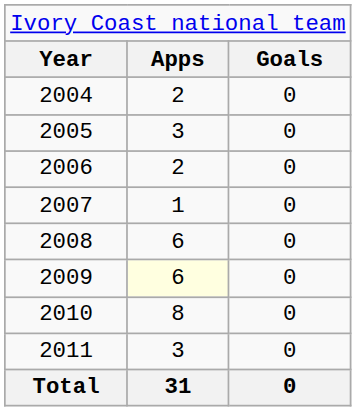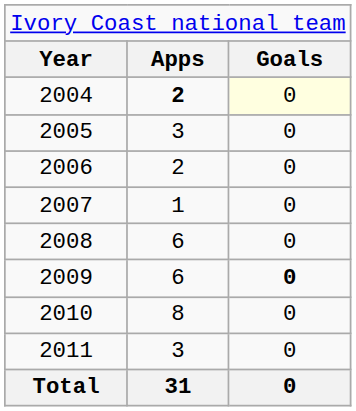 <table class="wikitable" style="text-align:center">
 <tr>
 <td colspan="3"><a href='#'>Ivory Coast national team</a></td>
 </tr>
 <tr>
 <th>Year</th>
 <th>Apps</th>
 <th>Goals</th>
 </tr>
 <tr>
 <td>2004</td>
-<td>2</td>
-<td>0</td>
+<td><strong>2</strong></td>
+<td style="background: lightyellow;">0</td>
 </tr>
 <tr>
 <td>2005</td>
 <td>3</td>
 <td>0</td>
 </tr>
 <tr>
 <td>2006</td>
 <td>2</td>
 <td>0</td>
 </tr>
 <tr>
 <td>2007</td>
 <td>1</td>
 <td>0</td>
 </tr>
 <tr>
 <td>2008</td>
 <td>6</td>
 <td>0</td>
 </tr>
 <tr>
 <td>2009</td>
-<td style="background: lightyellow;">6</td>
-<td>0</td>
+<td>6</td>
+<td><strong>0</strong></td>
 </tr>
 <tr>
 <td>2010</td>
 <td>8</td>
 <td>0</td>
 </tr>
 <tr>
 <td>2011</td>
 <td>3</td>
 <td>0</td>
 </tr>
 <tr>
 <th>Total</th>
 <th>31</th>
 <th>0</th>
 </tr>
 </table>
